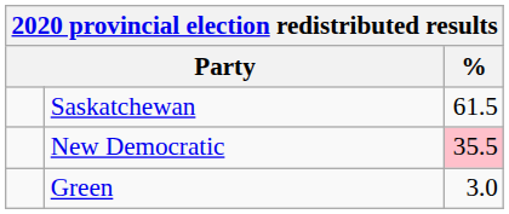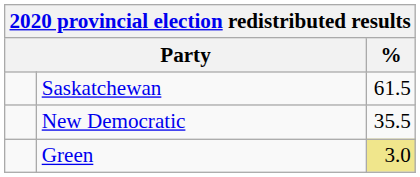 <table class="wikitable">
 <tr>
 <th colspan="4"><a href='#'>2020 provincial election</a> redistributed results</th>
 </tr>
 <tr>
 <th bgcolor="#DDDDFF" width="130px" colspan="2">Party</th>
 <th bgcolor="#DDDDFF" width="30px">%</th>
 </tr>
 <tr>
 <td> </td>
 <td><a href='#'>Saskatchewan</a></td>
 <td align=right>61.5</td>
 </tr>
 <tr>
 <td> </td>
 <td><a href='#'>New Democratic</a></td>
-<td align=right style="background: pink;">35.5</td>
+<td align=right>35.5</td>
 </tr>
 <tr>
 <td> </td>
 <td><a href='#'>Green</a></td>
-<td align=right>3.0</td>
+<td align=right style="background: khaki;">3.0</td>
 </tr>
 </table>
